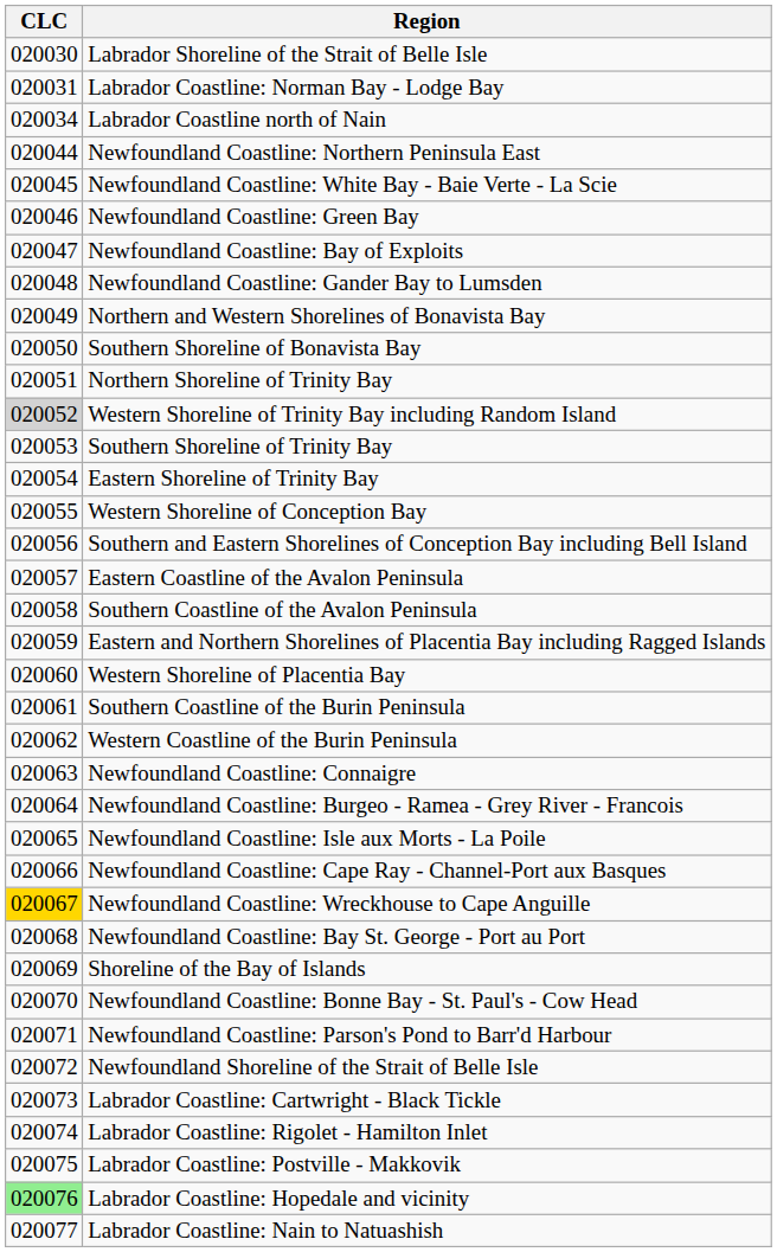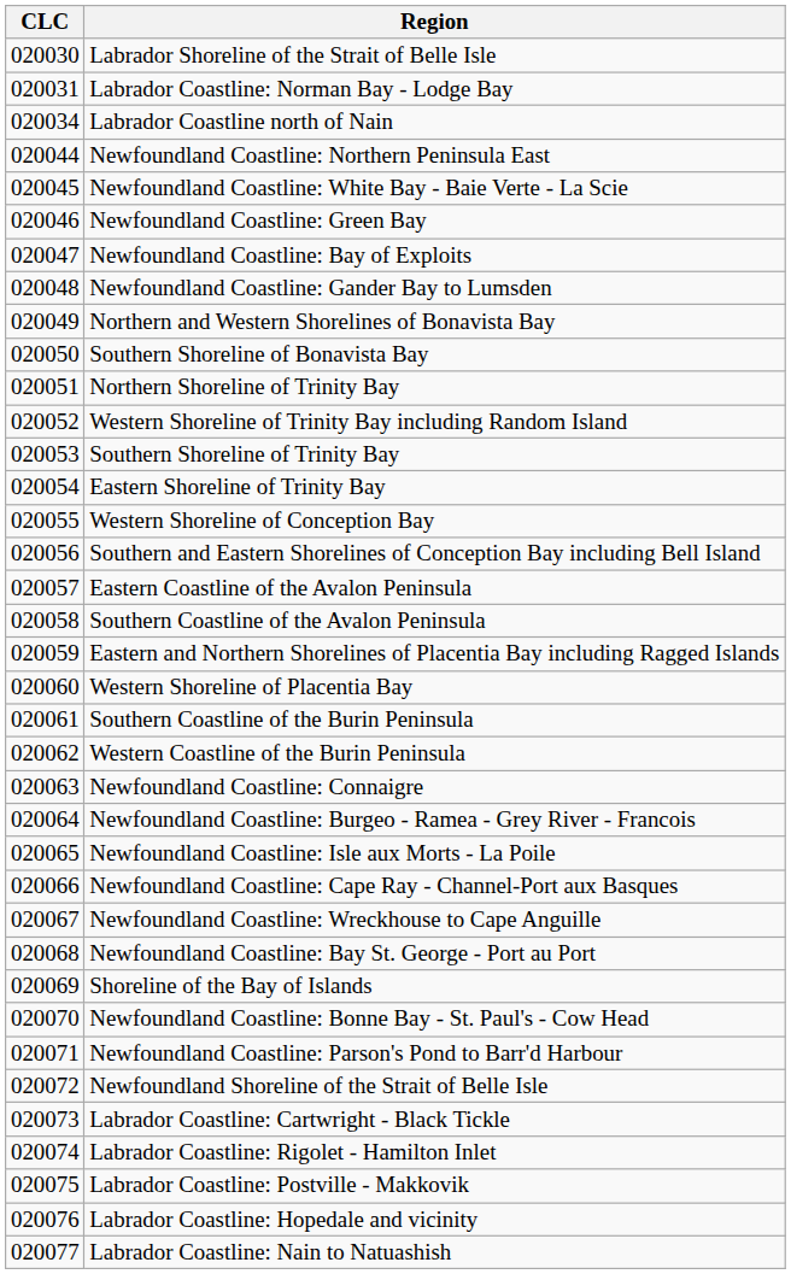 <table class="wikitable" style="line-height: 100%;">
 <tr>
 <th>CLC</th>
 <th>Region</th>
 </tr>
 <tr>
 <td>020030</td>
 <td>Labrador Shoreline of the Strait of Belle Isle</td>
 </tr>
 <tr>
 <td>020031</td>
 <td>Labrador Coastline: Norman Bay - Lodge Bay</td>
 </tr>
 <tr>
 <td>020034</td>
 <td>Labrador Coastline north of Nain</td>
 </tr>
 <tr>
 <td>020044</td>
 <td>Newfoundland Coastline: Northern Peninsula East</td>
 </tr>
 <tr>
 <td>020045</td>
 <td>Newfoundland Coastline: White Bay - Baie Verte - La Scie</td>
 </tr>
 <tr>
 <td>020046</td>
 <td>Newfoundland Coastline: Green Bay</td>
 </tr>
 <tr>
 <td>020047</td>
 <td>Newfoundland Coastline: Bay of Exploits</td>
 </tr>
 <tr>
 <td>020048</td>
 <td>Newfoundland Coastline: Gander Bay to Lumsden</td>
 </tr>
 <tr>
 <td>020049</td>
 <td>Northern and Western Shorelines of Bonavista Bay</td>
 </tr>
 <tr>
 <td>020050</td>
 <td>Southern Shoreline of Bonavista Bay</td>
 </tr>
 <tr>
 <td>020051</td>
 <td>Northern Shoreline of Trinity Bay</td>
 </tr>
 <tr>
-<td style="background: lightgrey;">020052</td>
+<td>020052</td>
 <td>Western Shoreline of Trinity Bay including Random Island</td>
 </tr>
 <tr>
 <td>020053</td>
 <td>Southern Shoreline of Trinity Bay</td>
 </tr>
 <tr>
 <td>020054</td>
 <td>Eastern Shoreline of Trinity Bay</td>
 </tr>
 <tr>
 <td>020055</td>
 <td>Western Shoreline of Conception Bay</td>
 </tr>
 <tr>
 <td>020056</td>
 <td>Southern and Eastern Shorelines of Conception Bay including Bell Island</td>
 </tr>
 <tr>
 <td>020057</td>
 <td>Eastern Coastline of the Avalon Peninsula</td>
 </tr>
 <tr>
 <td>020058</td>
 <td>Southern Coastline of the Avalon Peninsula</td>
 </tr>
 <tr>
 <td>020059</td>
 <td>Eastern and Northern Shorelines of Placentia Bay including Ragged Islands</td>
 </tr>
 <tr>
 <td>020060</td>
 <td>Western Shoreline of Placentia Bay</td>
 </tr>
 <tr>
 <td>020061</td>
 <td>Southern Coastline of the Burin Peninsula</td>
 </tr>
 <tr>
 <td>020062</td>
 <td>Western Coastline of the Burin Peninsula</td>
 </tr>
 <tr>
 <td>020063</td>
 <td>Newfoundland Coastline: Connaigre</td>
 </tr>
 <tr>
 <td>020064</td>
 <td>Newfoundland Coastline: Burgeo - Ramea - Grey River - Francois</td>
 </tr>
 <tr>
 <td>020065</td>
 <td>Newfoundland Coastline: Isle aux Morts - La Poile</td>
 </tr>
 <tr>
 <td>020066</td>
 <td>Newfoundland Coastline: Cape Ray - Channel-Port aux Basques</td>
 </tr>
 <tr>
-<td style="background: gold;">020067</td>
+<td>020067</td>
 <td>Newfoundland Coastline: Wreckhouse to Cape Anguille</td>
 </tr>
 <tr>
 <td>020068</td>
 <td>Newfoundland Coastline: Bay St. George - Port au Port</td>
 </tr>
 <tr>
 <td>020069</td>
 <td>Shoreline of the Bay of Islands</td>
 </tr>
 <tr>
 <td>020070</td>
 <td>Newfoundland Coastline: Bonne Bay - St. Paul's - Cow Head</td>
 </tr>
 <tr>
 <td>020071</td>
 <td>Newfoundland Coastline: Parson's Pond to Barr'd Harbour</td>
 </tr>
 <tr>
 <td>020072</td>
 <td>Newfoundland Shoreline of the Strait of Belle Isle</td>
 </tr>
 <tr>
 <td>020073</td>
 <td>Labrador Coastline: Cartwright - Black Tickle</td>
 </tr>
 <tr>
 <td>020074</td>
 <td>Labrador Coastline: Rigolet - Hamilton Inlet</td>
 </tr>
 <tr>
 <td>020075</td>
 <td>Labrador Coastline: Postville - Makkovik</td>
 </tr>
 <tr>
-<td style="background: lightgreen;">020076</td>
+<td>020076</td>
 <td>Labrador Coastline: Hopedale and vicinity</td>
 </tr>
 <tr>
 <td>020077</td>
 <td>Labrador Coastline: Nain to Natuashish</td>
 </tr>
 </table>
